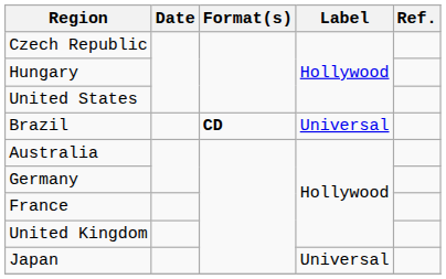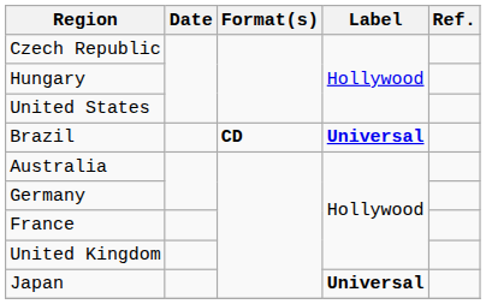 <table class=wikitable>
 <tr>
 <th scope="col">Region</th>
 <th scope="col">Date</th>
 <th scope="col">Format(s)</th>
 <th scope="col">Label</th>
 <th scope="col">Ref.</th>
 </tr>
 <tr>
 <td>Czech Republic</td>
 <td rowspan="3"></td>
 <td rowspan="3"></td>
 <td rowspan="3"><a href='#'>Hollywood</a></td>
 <td></td>
 </tr>
 <tr>
 <td>Hungary</td>
 <td></td>
 </tr>
 <tr>
 <td>United States</td>
 <td></td>
 </tr>
 <tr>
 <td>Brazil</td>
 <td></td>
 <td><strong>CD</strong></td>
-<td><a href='#'>Universal</a></td>
+<td><strong><a href='#'>Universal</a></strong></td>
 <td></td>
 </tr>
 <tr>
 <td>Australia</td>
 <td rowspan="2"></td>
 <td rowspan="5"></td>
 <td rowspan="4">Hollywood</td>
 <td></td>
 </tr>
 <tr>
 <td>Germany</td>
 <td></td>
 </tr>
 <tr>
 <td>France</td>
 <td></td>
 <td></td>
 </tr>
 <tr>
 <td>United Kingdom</td>
 <td></td>
 <td></td>
 </tr>
 <tr>
 <td>Japan</td>
 <td></td>
-<td>Universal</td>
+<td><strong>Universal</strong></td>
 <td></td>
 </tr>
 <tr>
 </tr>
 </table>
